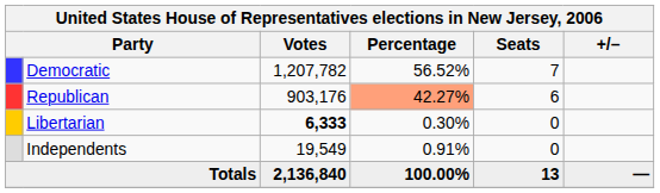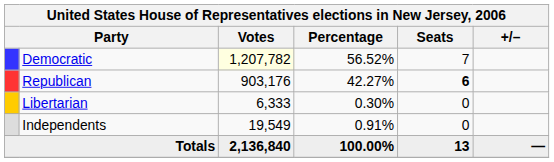 <table class="wikitable" style="font-size: 95%;">
 <tr>
 <th colspan="6">United States House of Representatives elections in New Jersey, 2006</th>
 </tr>
 <tr>
 <th colspan=2 style="width: 15em">Party</th>
 <th style="width: 5em">Votes</th>
 <th style="width: 7em">Percentage</th>
 <th style="width: 5em">Seats</th>
 <th style="width: 5em">+/–</th>
 </tr>
 <tr>
 <th style="background-color:#3333FF; width: 3px"></th>
 <td style="width: 130px"><a href='#'>Democratic</a></td>
-<td align="right">1,207,782</td>
+<td align="right" style="background: lightyellow;">1,207,782</td>
 <td align="right">56.52%</td>
 <td align="right">7</td>
 <td align="right"></td>
 </tr>
 <tr>
 <th style="background-color:#FF3333; width: 3px"></th>
 <td style="width: 130px"><a href='#'>Republican</a></td>
 <td align="right">903,176</td>
-<td align="right" style="background: lightsalmon;">42.27%</td>
-<td align="right">6</td>
+<td align="right">42.27%</td>
+<td align="right"><strong>6</strong></td>
 <td align="right"></td>
 </tr>
 <tr>
 <th style="background-color:#FFCC00; width: 3px"></th>
 <td style="width: 130px"><a href='#'>Libertarian</a></td>
-<td align="right"><strong>6,333</strong></td>
+<td align="right">6,333</td>
 <td align="right">0.30%</td>
 <td align="right">0</td>
 <td align="right"></td>
 </tr>
 <tr>
 <th style="background-color:#DDDDDD; width: 3px"></th>
 <td style="width: 130px">Independents</td>
 <td align="right">19,549</td>
 <td align="right">0.91%</td>
 <td align="right">0</td>
 <td align="right"></td>
 </tr>
 <tr bgcolor="#EEEEEE">
 <td colspan="2" align="right"><strong>Totals</strong></td>
 <td align="right"><strong>2,136,840</strong></td>
 <td align="right"><strong>100.00%</strong></td>
 <td align="right"><strong>13</strong></td>
 <td align="right"><strong>—</strong></td>
 </tr>
 <tr bgcolor="#EEEEEE">
 </tr>
 </table>
